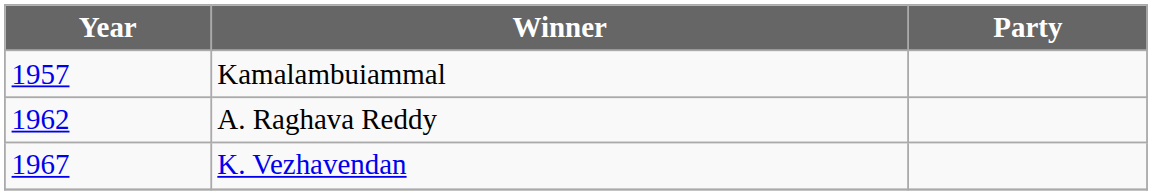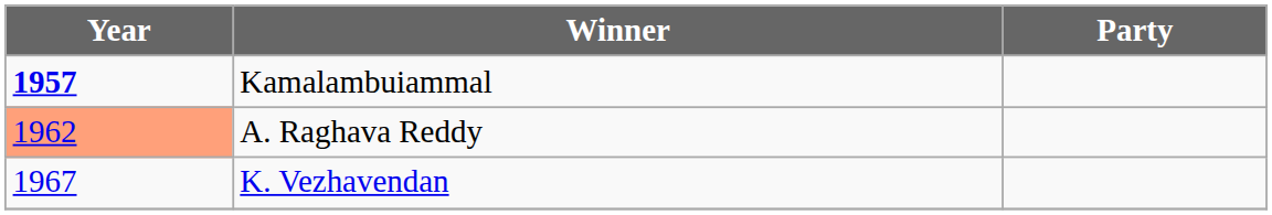 <table class="wikitable" width="50%">
 <tr>
 <th style="background-color:#666666; color:white">Year</th>
 <th style="background-color:#666666; color:white">Winner</th>
 <th style="background-color:#666666; color:white" colspan="2">Party</th>
 </tr>
 <tr>
-<td><a href='#'>1957</a></td>
+<td><strong><a href='#'>1957</a></strong></td>
 <td>Kamalambuiammal</td>
 <td></td>
 </tr>
 <tr>
-<td><a href='#'>1962</a></td>
+<td style="background: lightsalmon;"><a href='#'>1962</a></td>
 <td>A. Raghava Reddy</td>
 <td></td>
 </tr>
 <tr>
 <td><a href='#'>1967</a></td>
 <td><a href='#'>K. Vezhavendan</a></td>
 <td></td>
 </tr>
 <tr>
 </tr>
 </table>
